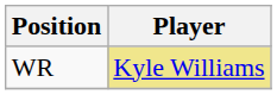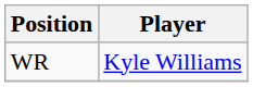 <table class="wikitable sortable">
 <tr>
 <th>Position</th>
 <th>Player</th>
 </tr>
 <tr>
 <td>WR</td>
-<td style="background: khaki;"><a href='#'>Kyle Williams</a></td>
+<td><a href='#'>Kyle Williams</a></td>
 </tr>
 <tr>
 </tr>
 </table>
